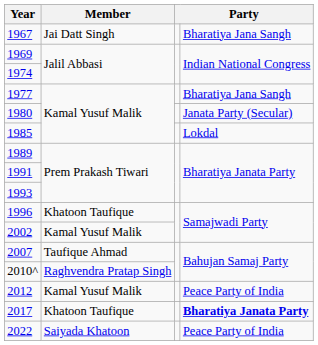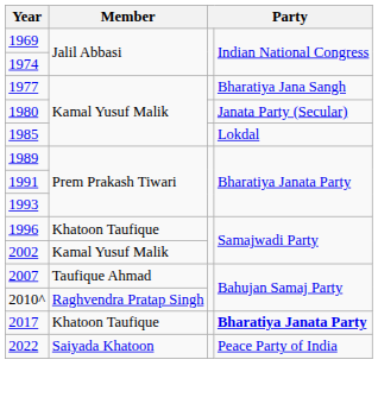 <table class="wikitable">
 <tr>
 <th>Year</th>
 <th>Member</th>
 <th colspan="2">Party</th>
-</tr>
-<tr>
-<td><a href='#'>1967</a></td>
-<td>Jai Datt Singh</td>
-<td style="background-color: "></td>
-<td><a href='#'>Bharatiya Jana Sangh</a></td>
 </tr>
 <tr>
 <td><a href='#'>1969</a></td>
 <td rowspan="2">Jalil Abbasi</td>
 <td rowspan="2" style="background-color: "></td>
 <td rowspan="2"><a href='#'>Indian National Congress</a></td>
 </tr>
 <tr>
 <td><a href='#'>1974</a></td>
 </tr>
 <tr>
 <td><a href='#'>1977</a></td>
 <td rowspan="3">Kamal Yusuf Malik</td>
 <td style="background-color: "></td>
 <td><a href='#'>Bharatiya Jana Sangh</a></td>
 </tr>
 <tr>
 <td><a href='#'>1980</a></td>
 <td style="background-color: "></td>
 <td><a href='#'>Janata Party (Secular)</a></td>
 </tr>
 <tr>
 <td><a href='#'>1985</a></td>
 <td style="background-color: "></td>
 <td><a href='#'>Lokdal</a></td>
 </tr>
 <tr>
 <td><a href='#'>1989</a></td>
 <td rowspan="3">Prem Prakash Tiwari</td>
 <td rowspan="3" style="background-color: "></td>
 <td rowspan="3"><a href='#'>Bharatiya Janata Party</a></td>
 </tr>
 <tr>
 <td><a href='#'>1991</a></td>
 </tr>
 <tr>
 <td><a href='#'>1993</a></td>
 </tr>
 <tr>
 <td><a href='#'>1996</a></td>
 <td>Khatoon Taufique</td>
 <td rowspan="2" style="background-color: "></td>
 <td rowspan="2"><a href='#'>Samajwadi Party</a></td>
 </tr>
 <tr>
 <td><a href='#'>2002</a></td>
 <td>Kamal Yusuf Malik</td>
 </tr>
 <tr>
 <td><a href='#'>2007</a></td>
 <td>Taufique Ahmad</td>
 <td rowspan="2" style="background-color: "></td>
 <td rowspan="2"><a href='#'>Bahujan Samaj Party</a></td>
 </tr>
 <tr>
 <td>2010^</td>
 <td><a href='#'>Raghvendra Pratap Singh</a></td>
 </tr>
 <tr>
-<td><a href='#'>2012</a></td>
-<td>Kamal Yusuf Malik</td>
-<td style="background-color: "></td>
-<td><a href='#'>Peace Party of India</a></td>
-</tr>
-<tr>
 <td><a href='#'>2017</a></td>
 <td>Khatoon Taufique</td>
 <td style="background-color: "></td>
 <td><strong><a href='#'>Bharatiya Janata Party</a></strong></td>
 </tr>
 <tr>
 <td><a href='#'>2022</a></td>
 <td><a href='#'>Saiyada Khatoon</a></td>
 <td style="background-color: "></td>
 <td><a href='#'>Peace Party of India</a></td>
 </tr>
 </table>
